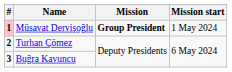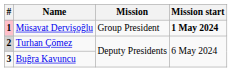 <table class="wikitable" style="text-align:left; font-size:90%">
 <tr>
 <th>#</th>
 <th>Name</th>
 <th>Mission</th>
 <th>Mission start</th>
 </tr>
 <tr>
 <td style="background: pink;"><strong>1</strong></td>
 <td><a href='#'>Müsavat Dervişoğlu</a></td>
-<td><strong>Group President</strong></td>
-<td>1 May 2024</td>
+<td>Group President</td>
+<td><strong>1 May 2024</strong></td>
 </tr>
 <tr>
-<td><strong>2</strong></td>
+<td style="background: lightgrey;"><strong>2</strong></td>
 <td><a href='#'>Turhan Çömez</a></td>
 <td rowspan="2">Deputy Presidents</td>
 <td rowspan="2">6 May 2024</td>
 </tr>
 <tr>
 <td><strong>3</strong></td>
 <td><a href='#'>Buğra Kavuncu</a></td>
 </tr>
 </table>
